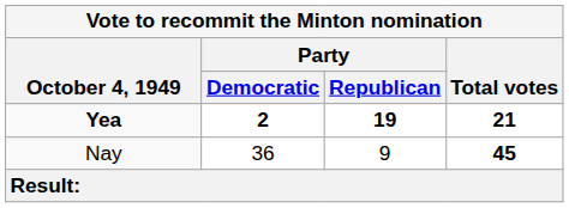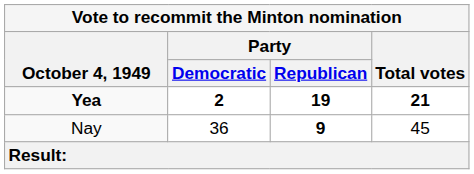 <table class="wikitable" style="text-align:center">
 <tr>
 <th colspan=4 style="background:#f5f5f5">Vote to recommit the Minton nomination</th>
 </tr>
 <tr style="vertical-align:bottom;">
 <th rowspan=2 style="width: 9em;">October 4, 1949</th>
 <th colspan=2>Party</th>
 <th rowspan=2>Total votes</th>
 </tr>
 <tr style="vertical-align:bottom;">
 <th><a href='#'>Democratic</a></th>
 <th><a href='#'>Republican</a></th>
 </tr>
 <tr>
 <td><strong>Yea</strong></td>
 <td style="background:#ffffff"><strong>2</strong></td>
 <td style="background:#ffffff"><strong>19</strong></td>
 <td style="background:#ffffff"><strong>21</strong></td>
 </tr>
 <tr>
 <td>Nay</td>
 <td style="background:#ffffff">36</td>
-<td style="background:#ffffff">9</td>
-<td style="background:#ffffff"><strong>45</strong></td>
+<td style="background:#ffffff"><strong>9</strong></td>
+<td style="background:#ffffff">45</td>
 </tr>
 <tr>
 <th colspan=5 style="text-align:left;">Result: </th>
 </tr>
 </table>
